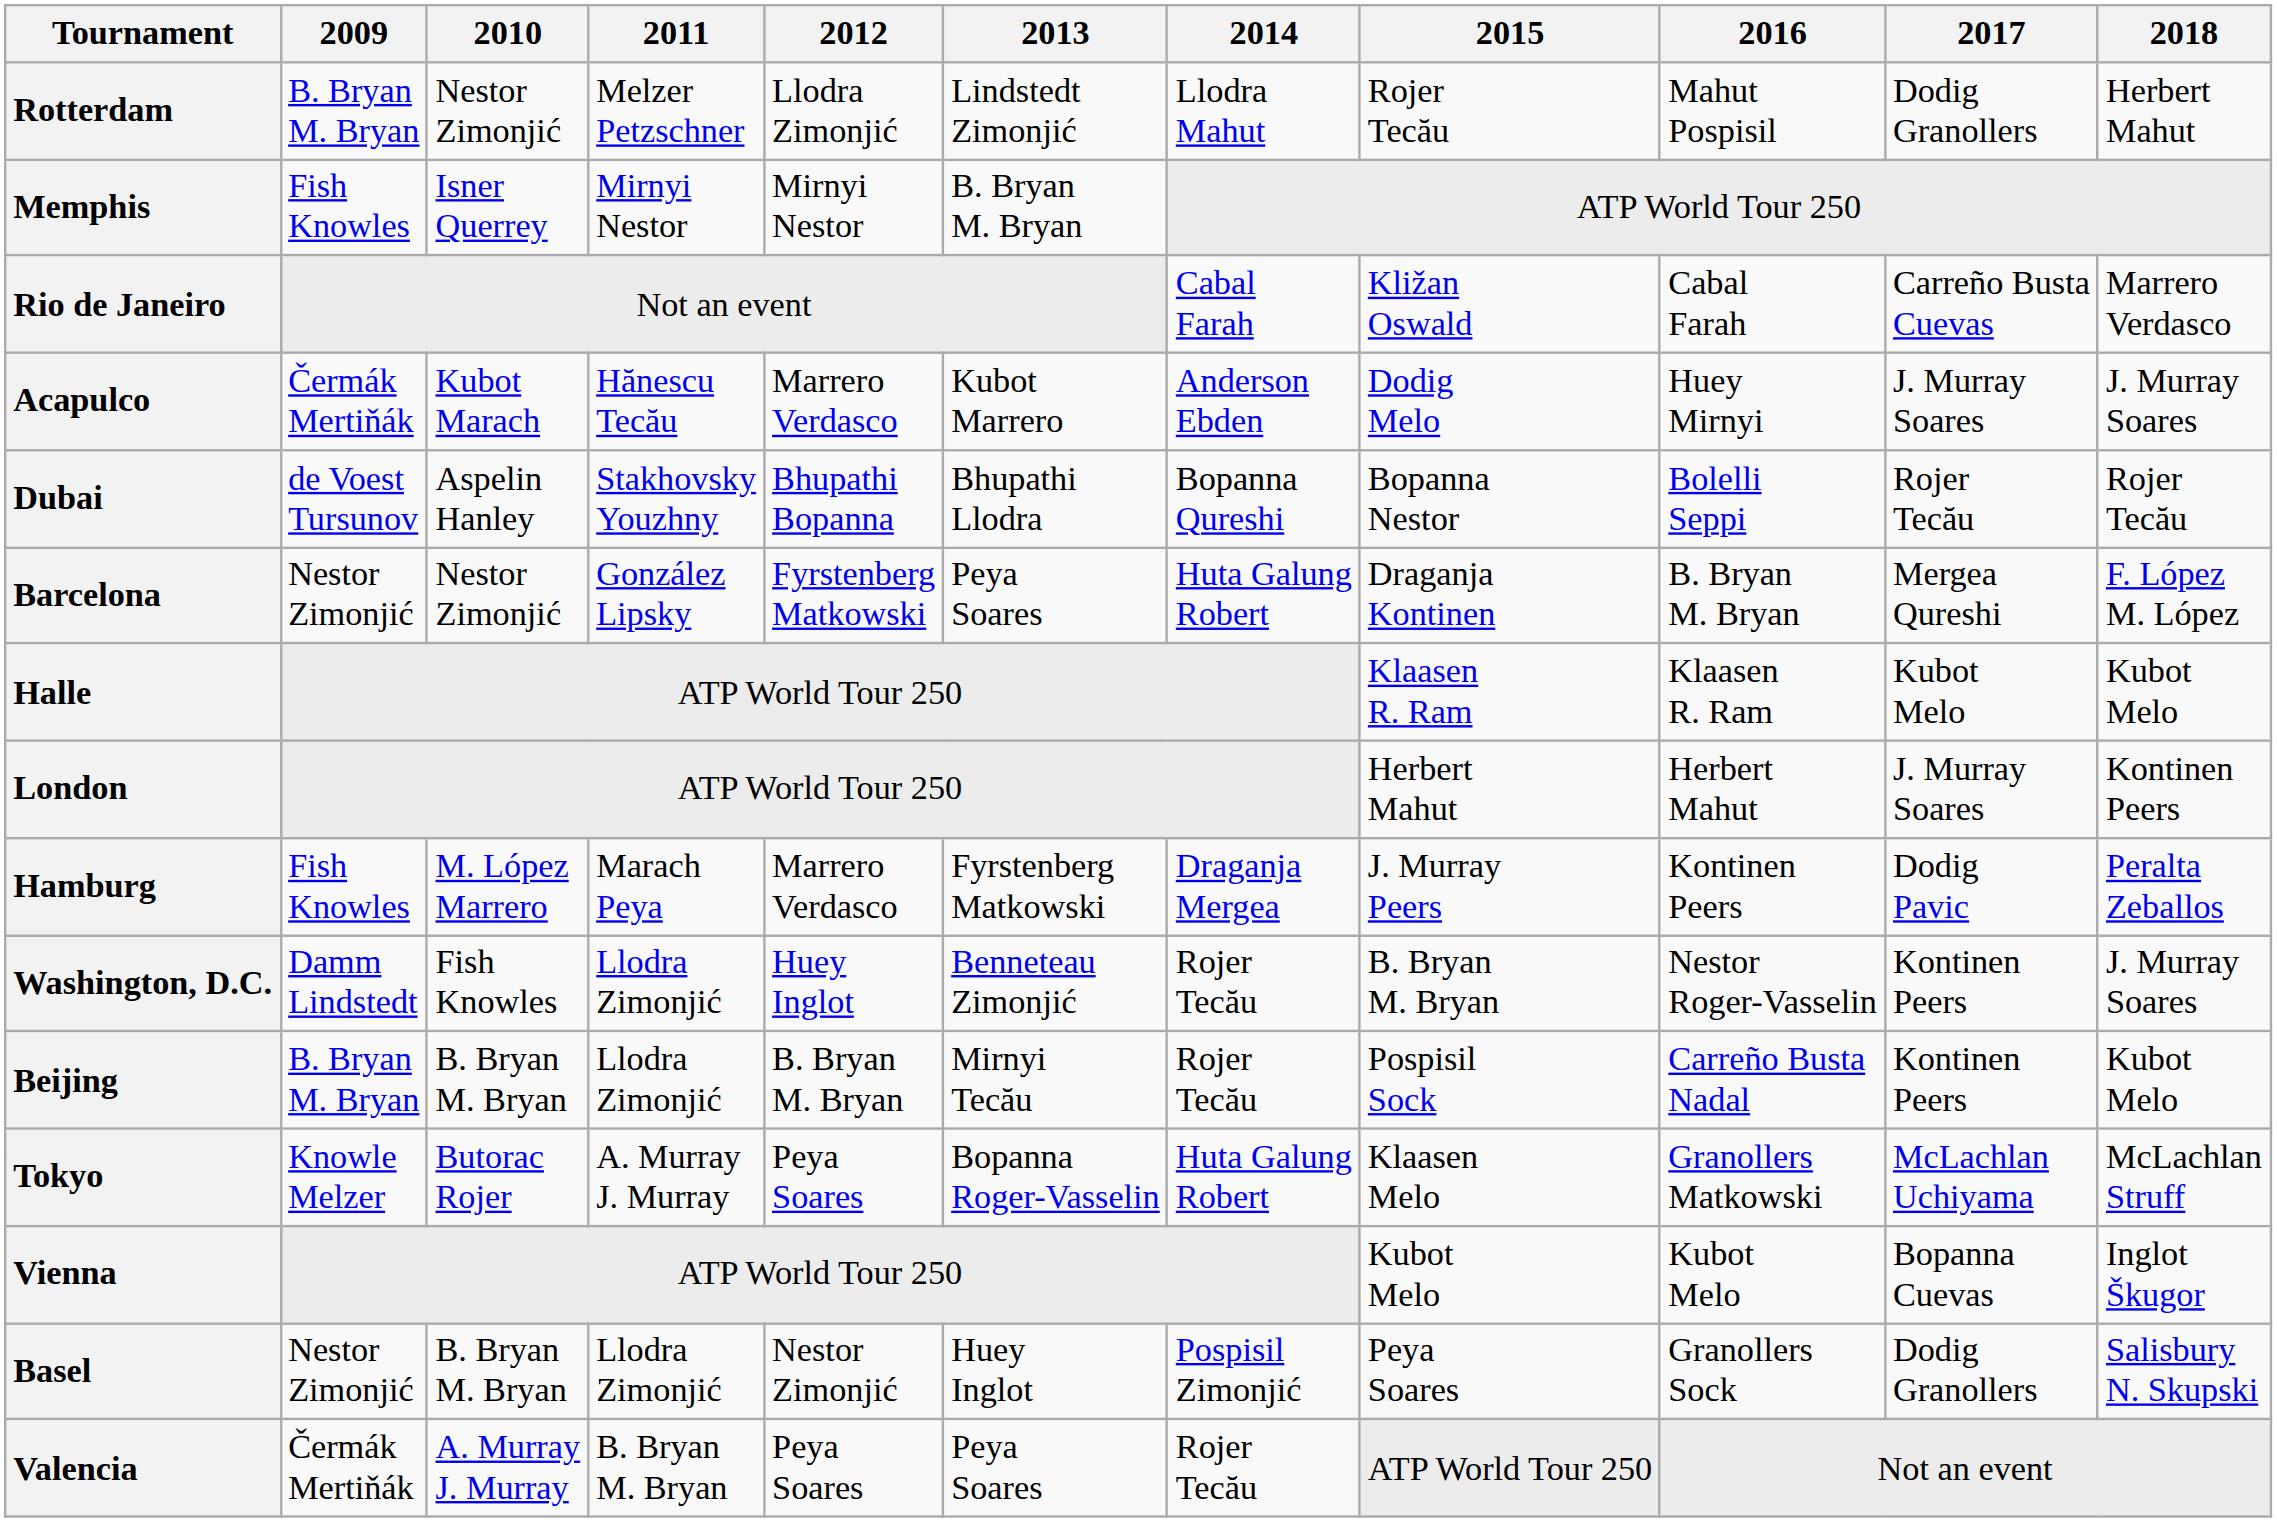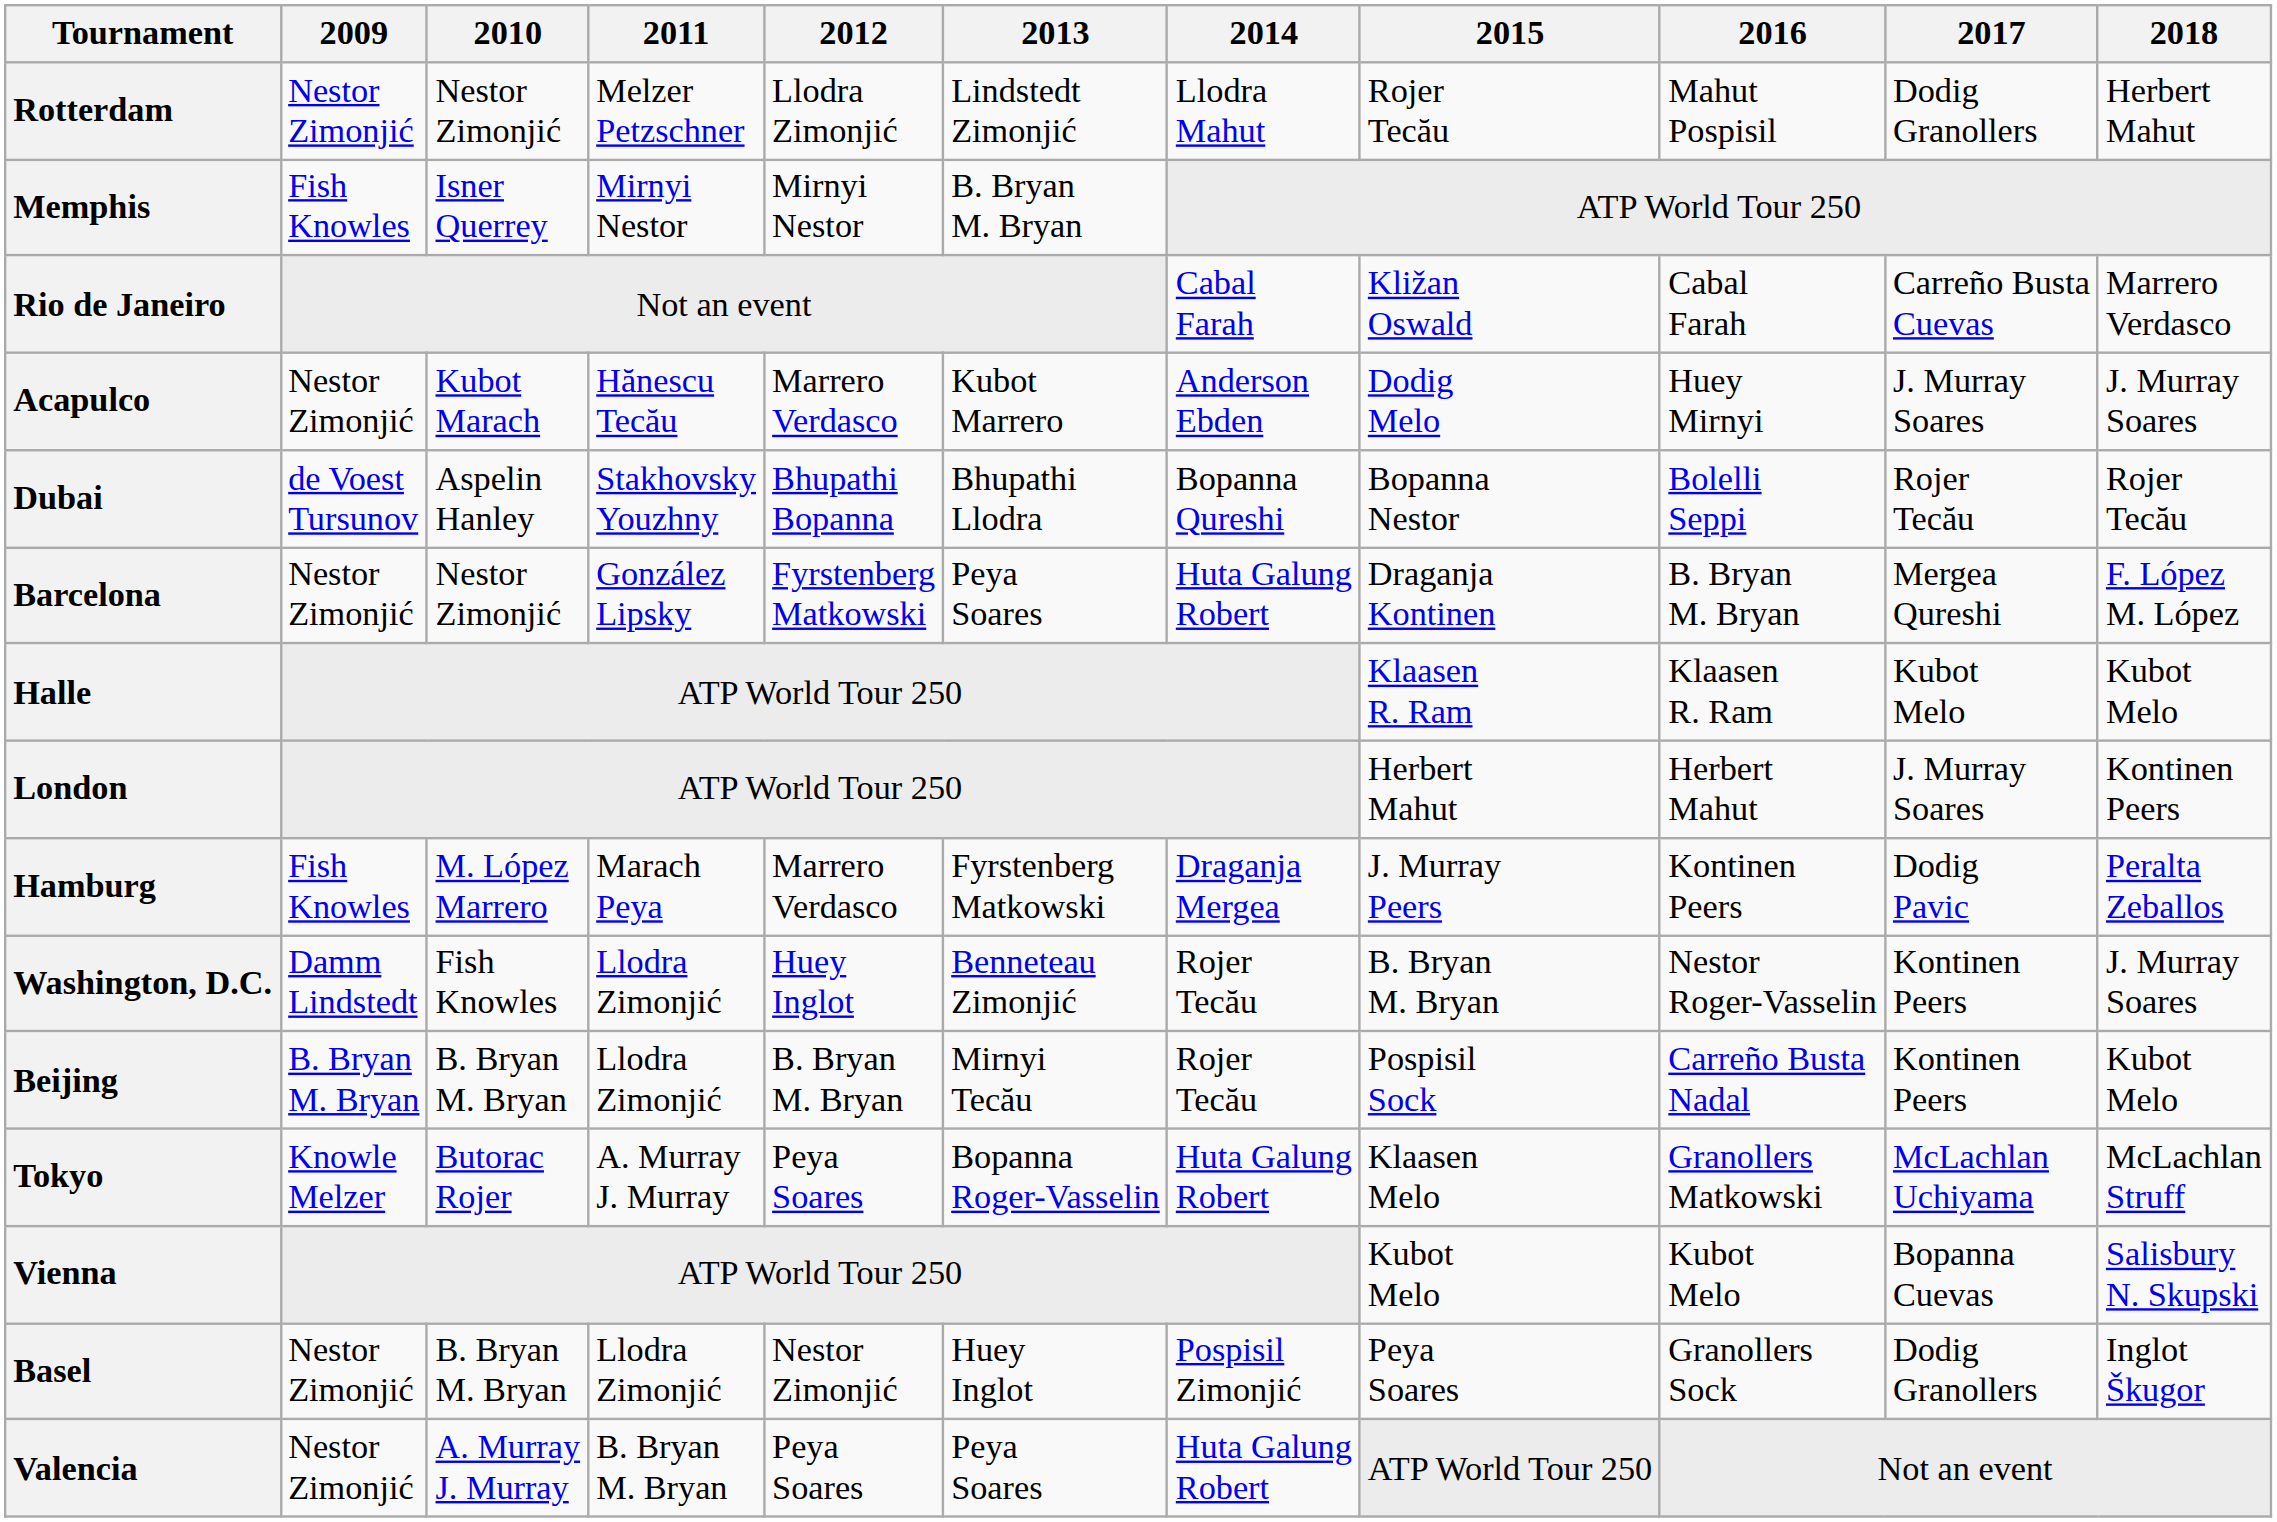 <table class="wikitable nowrap plainrowheaders" style="font-size:90%;">
 <tr bgcolor="#ececec">
 <th>Tournament</th>
 <th>2009</th>
 <th>2010</th>
 <th>2011</th>
 <th>2012</th>
 <th>2013</th>
 <th>2014</th>
 <th>2015</th>
 <th>2016</th>
 <th>2017</th>
 <th>2018</th>
 </tr>
 <tr>
 <th style="text-align: left;">Rotterdam</th>
-<td> <a href='#'>B. Bryan</a><br> <a href='#'>M. Bryan</a></td>
+<td> <a href='#'>Nestor</a><br> <a href='#'>Zimonjić</a></td>
 <td>  Nestor<br> Zimonjić</td>
 <td>  Melzer<br> <a href='#'>Petzschner</a></td>
 <td>  Llodra<br> Zimonjić</td>
 <td>  Lindstedt<br> Zimonjić</td>
 <td> Llodra<br> <a href='#'>Mahut</a></td>
 <td>  Rojer<br> Tecău</td>
 <td>  Mahut<br> Pospisil</td>
 <td>  Dodig<br> Granollers</td>
 <td>  Herbert<br> Mahut</td>
 </tr>
 <tr>
 <th style="text-align: left;">Memphis</th>
 <td> <a href='#'>Fish</a><br> <a href='#'>Knowles</a></td>
 <td>  <a href='#'>Isner</a><br> <a href='#'>Querrey</a></td>
 <td>  <a href='#'>Mirnyi</a><br> Nestor</td>
 <td>  Mirnyi<br> Nestor</td>
 <td>  B. Bryan<br> M. Bryan</td>
 <td bgcolor=#ececec align=center colspan=5><span>ATP World Tour 250</span></td>
 </tr>
 <tr>
 <th style="text-align: left;">Rio de Janeiro</th>
 <td bgcolor=#ececec colspan=5 align=center><span> Not an event </span></td>
 <td>  <a href='#'>Cabal</a><br> <a href='#'>Farah</a></td>
 <td>   <a href='#'>Kližan</a><br> <a href='#'>Oswald</a></td>
 <td>  Cabal<br> Farah</td>
 <td>  Carreño Busta<br> <a href='#'>Cuevas</a></td>
 <td>  Marrero<br> Verdasco</td>
 </tr>
 <tr>
 <th style="text-align: left;">Acapulco</th>
-<td> <a href='#'>Čermák</a><br> <a href='#'>Mertiňák</a></td>
+<td> Nestor<br> Zimonjić</td>
 <td>  <a href='#'>Kubot</a><br> <a href='#'>Marach</a></td>
 <td>  <a href='#'>Hănescu</a><br> <a href='#'>Tecău</a></td>
 <td>  Marrero<br> <a href='#'>Verdasco</a></td>
 <td>  Kubot<br> Marrero</td>
 <td>  <a href='#'>Anderson</a><br> <a href='#'>Ebden</a></td>
 <td>  <a href='#'>Dodig</a><br> <a href='#'>Melo</a></td>
 <td>  Huey<br> Mirnyi</td>
 <td>  J. Murray<br> Soares</td>
 <td>  J. Murray<br> Soares</td>
 </tr>
 <tr>
 <th style="text-align: left;">Dubai</th>
 <td> <a href='#'>de Voest</a><br> <a href='#'>Tursunov</a></td>
 <td>  Aspelin<br> Hanley</td>
 <td>  <a href='#'>Stakhovsky</a><br> <a href='#'>Youzhny</a></td>
 <td>  <a href='#'>Bhupathi</a><br> <a href='#'>Bopanna</a></td>
 <td>  Bhupathi<br> Llodra</td>
 <td>  Bopanna<br> <a href='#'>Qureshi</a></td>
 <td>  Bopanna<br>  Nestor</td>
 <td>  <a href='#'>Bolelli</a><br> <a href='#'>Seppi</a></td>
 <td>  Rojer<br> Tecău</td>
 <td>  Rojer<br> Tecău</td>
 </tr>
 <tr>
 <th style="text-align: left;">Barcelona</th>
 <td> Nestor<br> Zimonjić</td>
 <td>  Nestor<br> Zimonjić</td>
 <td>  <a href='#'>González</a><br> <a href='#'>Lipsky</a></td>
 <td>  <a href='#'>Fyrstenberg</a><br> <a href='#'>Matkowski</a></td>
 <td>  Peya<br> Soares</td>
 <td>  <a href='#'>Huta Galung</a><br> <a href='#'>Robert</a></td>
 <td>  Draganja<br> <a href='#'>Kontinen</a></td>
 <td>  B. Bryan<br> M. Bryan</td>
 <td>  Mergea<br> Qureshi</td>
 <td>  <a href='#'>F. López</a><br> M. López</td>
 </tr>
 <tr>
 <th style="text-align: left;">Halle</th>
 <td bgcolor=#ececec colspan=6 align=center><span> ATP World Tour 250</span></td>
 <td>  <a href='#'>Klaasen</a><br> <a href='#'>R. Ram</a></td>
 <td>  Klaasen<br> R. Ram</td>
 <td>  Kubot<br> Melo</td>
 <td>  Kubot<br> Melo</td>
 </tr>
 <tr>
 <th style="text-align: left;">London</th>
 <td bgcolor=#ececec colspan=6 align=center><span> ATP World Tour 250</span></td>
 <td>  Herbert<br> Mahut</td>
 <td>  Herbert<br> Mahut</td>
 <td>  J. Murray<br> Soares</td>
 <td>  Kontinen<br> Peers</td>
 </tr>
 <tr>
 <th style="text-align: left;">Hamburg</th>
 <td> <a href='#'>Fish</a><br> <a href='#'>Knowles</a></td>
 <td>  <a href='#'>M. López</a><br> <a href='#'>Marrero</a></td>
 <td>  Marach<br> <a href='#'>Peya</a></td>
 <td>  Marrero<br> Verdasco</td>
 <td> Fyrstenberg<br> Matkowski</td>
 <td>  <a href='#'>Draganja</a><br> <a href='#'>Mergea</a></td>
 <td>  J. Murray<br> <a href='#'>Peers</a></td>
 <td>  Kontinen<br> Peers</td>
 <td>  Dodig<br> <a href='#'>Pavic</a></td>
 <td>  <a href='#'>Peralta</a><br> <a href='#'>Zeballos</a></td>
 </tr>
 <tr>
 <th style="text-align: left;">Washington, D.C.</th>
 <td> <a href='#'>Damm</a><br> <a href='#'>Lindstedt</a></td>
 <td>  Fish<br> Knowles</td>
 <td>  <a href='#'>Llodra</a><br> Zimonjić</td>
 <td>  <a href='#'>Huey</a><br> <a href='#'>Inglot</a></td>
 <td>  <a href='#'>Benneteau</a><br> Zimonjić</td>
 <td>  Rojer<br> Tecău</td>
 <td>  B. Bryan<br> M. Bryan</td>
 <td> Nestor<br> Roger-Vasselin</td>
 <td>  Kontinen<br> Peers</td>
 <td>  J. Murray<br> Soares</td>
 </tr>
 <tr>
 <th style="text-align: left;">Beijing</th>
 <td> <a href='#'>B. Bryan</a><br> <a href='#'>M. Bryan</a></td>
 <td>  B. Bryan<br> M. Bryan</td>
 <td>  Llodra<br> Zimonjić</td>
 <td>  B. Bryan<br> M. Bryan</td>
 <td>  Mirnyi<br> Tecău</td>
 <td>  Rojer<br> Tecău</td>
 <td>  Pospisil<br> <a href='#'>Sock</a></td>
 <td>  <a href='#'>Carreño Busta</a><br> <a href='#'>Nadal</a></td>
 <td>  Kontinen<br> Peers</td>
 <td>  Kubot<br> Melo</td>
 </tr>
 <tr>
 <th style="text-align: left;">Tokyo</th>
 <td> <a href='#'>Knowle</a><br> <a href='#'>Melzer</a></td>
 <td>  <a href='#'>Butorac</a><br> <a href='#'>Rojer</a></td>
 <td>  A. Murray<br> J. Murray</td>
 <td>  Peya<br> <a href='#'>Soares</a></td>
 <td>  Bopanna<br> <a href='#'>Roger-Vasselin</a></td>
 <td>  <a href='#'>Huta Galung</a><br> <a href='#'>Robert</a></td>
 <td>  Klaasen<br> Melo</td>
 <td>  <a href='#'>Granollers</a><br> Matkowski</td>
 <td>  <a href='#'>McLachlan</a><br> <a href='#'>Uchiyama</a></td>
 <td>  McLachlan<br> <a href='#'>Struff</a></td>
 </tr>
 <tr>
 <th style="text-align: left;">Vienna</th>
 <td bgcolor=#ececec colspan=6 align=center><span> ATP World Tour 250</span></td>
 <td>  Kubot<br> Melo</td>
 <td>  Kubot<br> Melo</td>
 <td>  Bopanna<br> Cuevas</td>
-<td>  Inglot<br> <a href='#'>Škugor</a></td>
+<td>  <a href='#'>Salisbury</a><br> <a href='#'>N. Skupski</a></td>
 </tr>
 <tr>
 <th style="text-align: left;">Basel</th>
 <td> Nestor<br> Zimonjić</td>
 <td>  B. Bryan<br> M. Bryan</td>
 <td>  Llodra<br> Zimonjić</td>
 <td>  Nestor<br> Zimonjić</td>
 <td>  Huey<br> Inglot</td>
 <td>  <a href='#'>Pospisil</a><br> Zimonjić</td>
 <td>  Peya<br> Soares</td>
 <td>  Granollers<br> Sock</td>
 <td>  Dodig<br> Granollers</td>
-<td>  <a href='#'>Salisbury</a><br> <a href='#'>N. Skupski</a></td>
+<td>  Inglot<br> <a href='#'>Škugor</a></td>
 </tr>
 <tr>
 <th style="text-align: left;">Valencia</th>
-<td> Čermák<br> Mertiňák</td>
+<td> Nestor<br> Zimonjić</td>
 <td>  <a href='#'>A. Murray</a><br> <a href='#'>J. Murray</a></td>
 <td>  B. Bryan<br> M. Bryan</td>
 <td>  Peya<br> Soares</td>
 <td>  Peya<br> Soares</td>
-<td>  Rojer<br> Tecău</td>
+<td>  <a href='#'>Huta Galung</a><br> <a href='#'>Robert</a></td>
 <td bgcolor=#ececec align=center colspan=1><span>ATP World Tour 250</span></td>
 <td bgcolor="#ececec" align="center" colspan=4><span>Not an event</span></td>
 </tr>
 </table>
